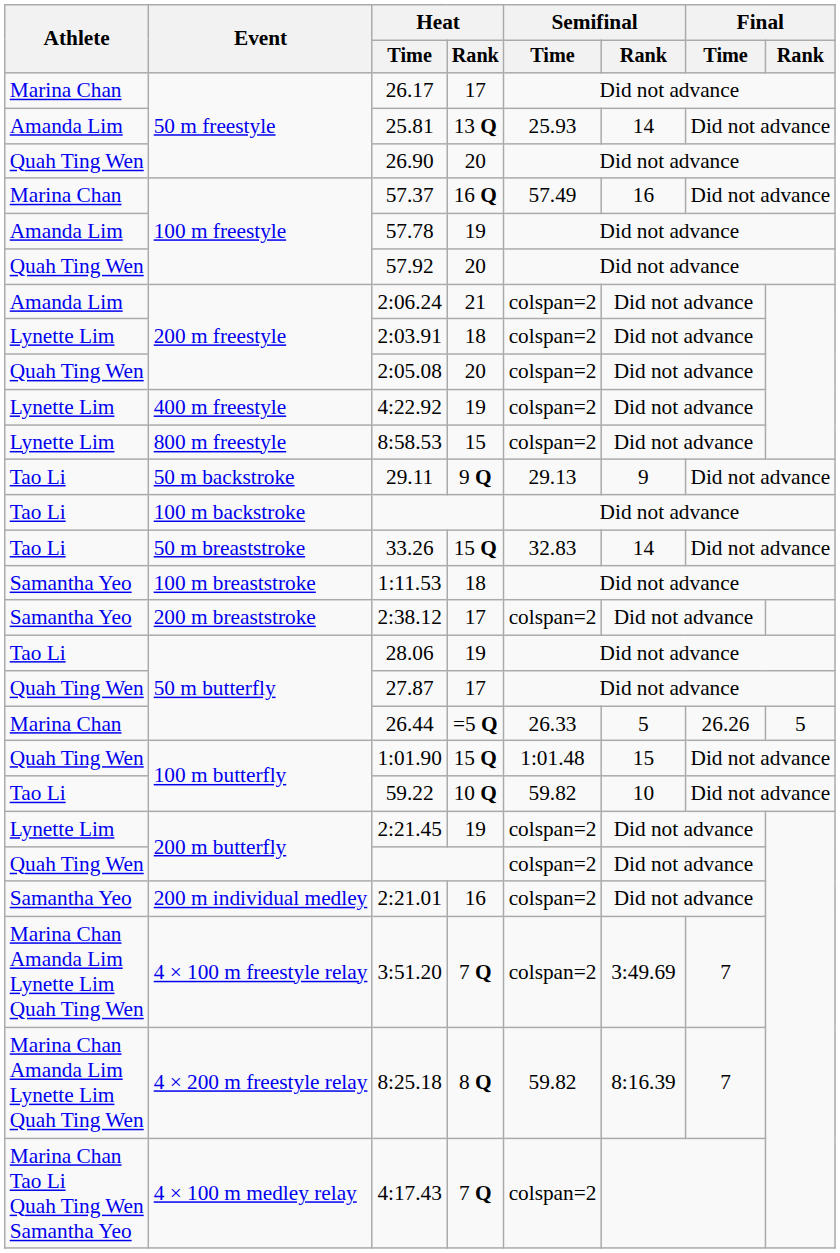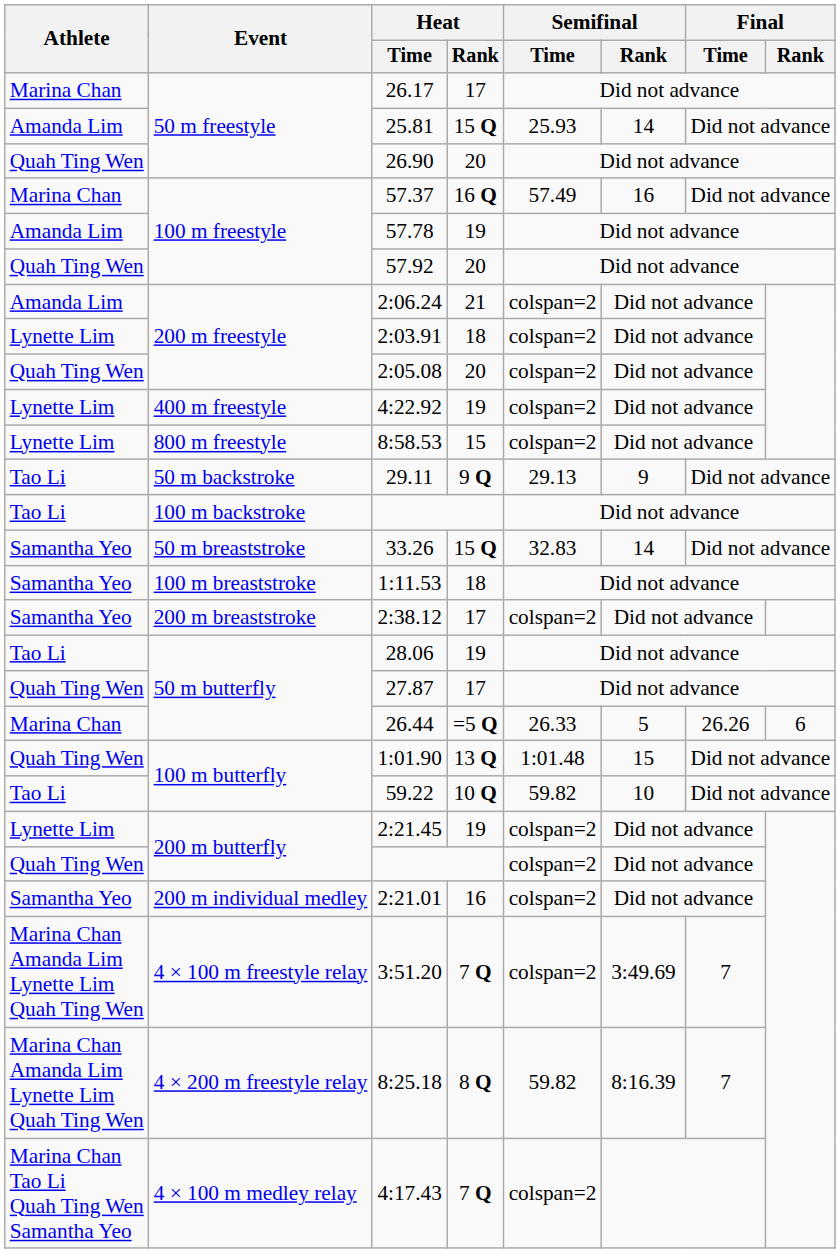 <table class=wikitable style=font-size:90%>
 <tr>
 <th rowspan=2>Athlete</th>
 <th rowspan=2>Event</th>
 <th colspan=2>Heat</th>
 <th colspan=2>Semifinal</th>
 <th colspan=2>Final</th>
 </tr>
 <tr style=font-size:95%>
 <th>Time</th>
 <th>Rank</th>
 <th>Time</th>
 <th>Rank</th>
 <th>Time</th>
 <th>Rank</th>
 </tr>
 <tr align=center>
 <td align=left><a href='#'>Marina Chan</a></td>
 <td align=left rowspan=3><a href='#'>50 m freestyle</a></td>
 <td>26.17</td>
 <td>17</td>
 <td colspan=4>Did not advance</td>
 </tr>
 <tr align=center>
 <td align=left><a href='#'>Amanda Lim</a></td>
 <td>25.81</td>
-<td>13 <strong>Q</strong></td>
+<td>15 <strong>Q</strong></td>
 <td>25.93</td>
 <td>14</td>
 <td colspan=2>Did not advance</td>
 </tr>
 <tr align=center>
 <td align=left><a href='#'>Quah Ting Wen</a></td>
 <td>26.90</td>
 <td>20</td>
 <td colspan=4>Did not advance</td>
 </tr>
 <tr align=center>
 <td align=left><a href='#'>Marina Chan</a></td>
 <td align=left rowspan=3><a href='#'>100 m freestyle</a></td>
 <td>57.37</td>
 <td>16 <strong>Q</strong></td>
 <td>57.49</td>
 <td>16</td>
 <td colspan=2>Did not advance</td>
 </tr>
 <tr align=center>
 <td align=left><a href='#'>Amanda Lim</a></td>
 <td>57.78</td>
 <td>19</td>
 <td colspan=4>Did not advance</td>
 </tr>
 <tr align=center>
 <td align=left><a href='#'>Quah Ting Wen</a></td>
 <td>57.92</td>
 <td>20</td>
 <td colspan=4>Did not advance</td>
 </tr>
 <tr align=center>
 <td align=left><a href='#'>Amanda Lim</a></td>
 <td align=left rowspan=3><a href='#'>200 m freestyle</a></td>
 <td>2:06.24</td>
 <td>21</td>
 <td>colspan=2 </td>
 <td colspan=2>Did not advance</td>
 </tr>
 <tr align=center>
 <td align=left><a href='#'>Lynette Lim</a></td>
 <td>2:03.91</td>
 <td>18</td>
 <td>colspan=2 </td>
 <td colspan=2>Did not advance</td>
 </tr>
 <tr align=center>
 <td align=left><a href='#'>Quah Ting Wen</a></td>
 <td>2:05.08</td>
 <td>20</td>
 <td>colspan=2 </td>
 <td colspan=2>Did not advance</td>
 </tr>
 <tr align=center>
 <td align=left><a href='#'>Lynette Lim</a></td>
 <td align=left><a href='#'>400 m freestyle</a></td>
 <td>4:22.92</td>
 <td>19</td>
 <td>colspan=2 </td>
 <td colspan=2>Did not advance</td>
 </tr>
 <tr align=center>
 <td align=left><a href='#'>Lynette Lim</a></td>
 <td align=left><a href='#'>800 m freestyle</a></td>
 <td>8:58.53</td>
 <td>15</td>
 <td>colspan=2 </td>
 <td colspan=2>Did not advance</td>
 </tr>
 <tr align=center>
 <td align=left><a href='#'>Tao Li</a></td>
 <td align=left><a href='#'>50 m backstroke</a></td>
 <td>29.11</td>
 <td>9 <strong>Q</strong></td>
 <td>29.13</td>
 <td>9</td>
 <td colspan=2>Did not advance</td>
 </tr>
 <tr align=center>
 <td align=left><a href='#'>Tao Li</a></td>
 <td align=left><a href='#'>100 m backstroke</a></td>
 <td colspan=2></td>
 <td colspan=4>Did not advance</td>
 </tr>
 <tr align=center>
-<td align=left><a href='#'>Tao Li</a></td>
+<td align=left><a href='#'>Samantha Yeo</a></td>
 <td align=left><a href='#'>50 m breaststroke</a></td>
 <td>33.26</td>
 <td>15 <strong>Q</strong></td>
 <td>32.83</td>
 <td>14</td>
 <td colspan=2>Did not advance</td>
 </tr>
 <tr align=center>
 <td align=left><a href='#'>Samantha Yeo</a></td>
 <td align=left><a href='#'>100 m breaststroke</a></td>
 <td>1:11.53</td>
 <td>18</td>
 <td colspan=4>Did not advance</td>
 </tr>
 <tr align=center>
 <td align=left><a href='#'>Samantha Yeo</a></td>
 <td align=left><a href='#'>200 m breaststroke</a></td>
 <td>2:38.12</td>
 <td>17</td>
 <td>colspan=2 </td>
 <td colspan=2>Did not advance</td>
 </tr>
 <tr align=center>
 <td align=left><a href='#'>Tao Li</a></td>
 <td align=left rowspan=3><a href='#'>50 m butterfly</a></td>
 <td>28.06</td>
 <td>19</td>
 <td colspan=4>Did not advance</td>
 </tr>
 <tr align=center>
 <td align=left><a href='#'>Quah Ting Wen</a></td>
 <td>27.87</td>
 <td>17</td>
 <td colspan=4>Did not advance</td>
 </tr>
 <tr align=center>
 <td align=left><a href='#'>Marina Chan</a></td>
 <td>26.44</td>
 <td>=5 <strong>Q</strong></td>
 <td>26.33</td>
 <td>5</td>
 <td>26.26</td>
-<td>5</td>
+<td>6</td>
 </tr>
 <tr align=center>
 <td align=left><a href='#'>Quah Ting Wen</a></td>
 <td align=left rowspan=2><a href='#'>100 m butterfly</a></td>
 <td>1:01.90</td>
-<td>15 <strong>Q</strong></td>
+<td>13 <strong>Q</strong></td>
 <td>1:01.48</td>
 <td>15</td>
 <td colspan=2>Did not advance</td>
 </tr>
 <tr align=center>
 <td align=left><a href='#'>Tao Li</a></td>
 <td>59.22</td>
 <td>10 <strong>Q</strong></td>
 <td>59.82</td>
 <td>10</td>
 <td colspan=2>Did not advance</td>
 </tr>
 <tr align=center>
 <td align=left><a href='#'>Lynette Lim</a></td>
 <td align=left rowspan=2><a href='#'>200 m butterfly</a></td>
 <td>2:21.45</td>
 <td>19</td>
 <td>colspan=2 </td>
 <td colspan=2>Did not advance</td>
 </tr>
 <tr align=center>
 <td align=left><a href='#'>Quah Ting Wen</a></td>
 <td colspan=2></td>
 <td>colspan=2 </td>
 <td colspan=2>Did not advance</td>
 </tr>
 <tr align=center>
 <td align=left><a href='#'>Samantha Yeo</a></td>
 <td align=left><a href='#'>200 m individual medley</a></td>
 <td>2:21.01</td>
 <td>16</td>
 <td>colspan=2 </td>
 <td colspan=2>Did not advance</td>
 </tr>
 <tr align=center>
 <td align=left><a href='#'>Marina Chan</a><br><a href='#'>Amanda Lim</a><br><a href='#'>Lynette Lim</a><br><a href='#'>Quah Ting Wen</a></td>
 <td align=left><a href='#'>4 × 100 m freestyle relay</a></td>
 <td>3:51.20</td>
 <td>7 <strong>Q</strong></td>
 <td>colspan=2 </td>
 <td>3:49.69</td>
 <td>7</td>
 </tr>
 <tr align=center>
 <td align=left><a href='#'>Marina Chan</a><br><a href='#'>Amanda Lim</a><br><a href='#'>Lynette Lim</a><br><a href='#'>Quah Ting Wen</a></td>
 <td align=left><a href='#'>4 × 200 m freestyle relay</a></td>
 <td>8:25.18</td>
 <td>8 <strong>Q</strong></td>
 <td>59.82</td>
 <td>8:16.39</td>
 <td>7</td>
 </tr>
 <tr align=center>
 <td align=left><a href='#'>Marina Chan</a><br><a href='#'>Tao Li</a><br><a href='#'>Quah Ting Wen</a><br><a href='#'>Samantha Yeo</a></td>
 <td align=left><a href='#'>4 × 100 m medley relay</a></td>
 <td>4:17.43</td>
 <td>7 <strong>Q</strong></td>
 <td>colspan=2 </td>
 <td colspan=2></td>
 </tr>
 </table>
